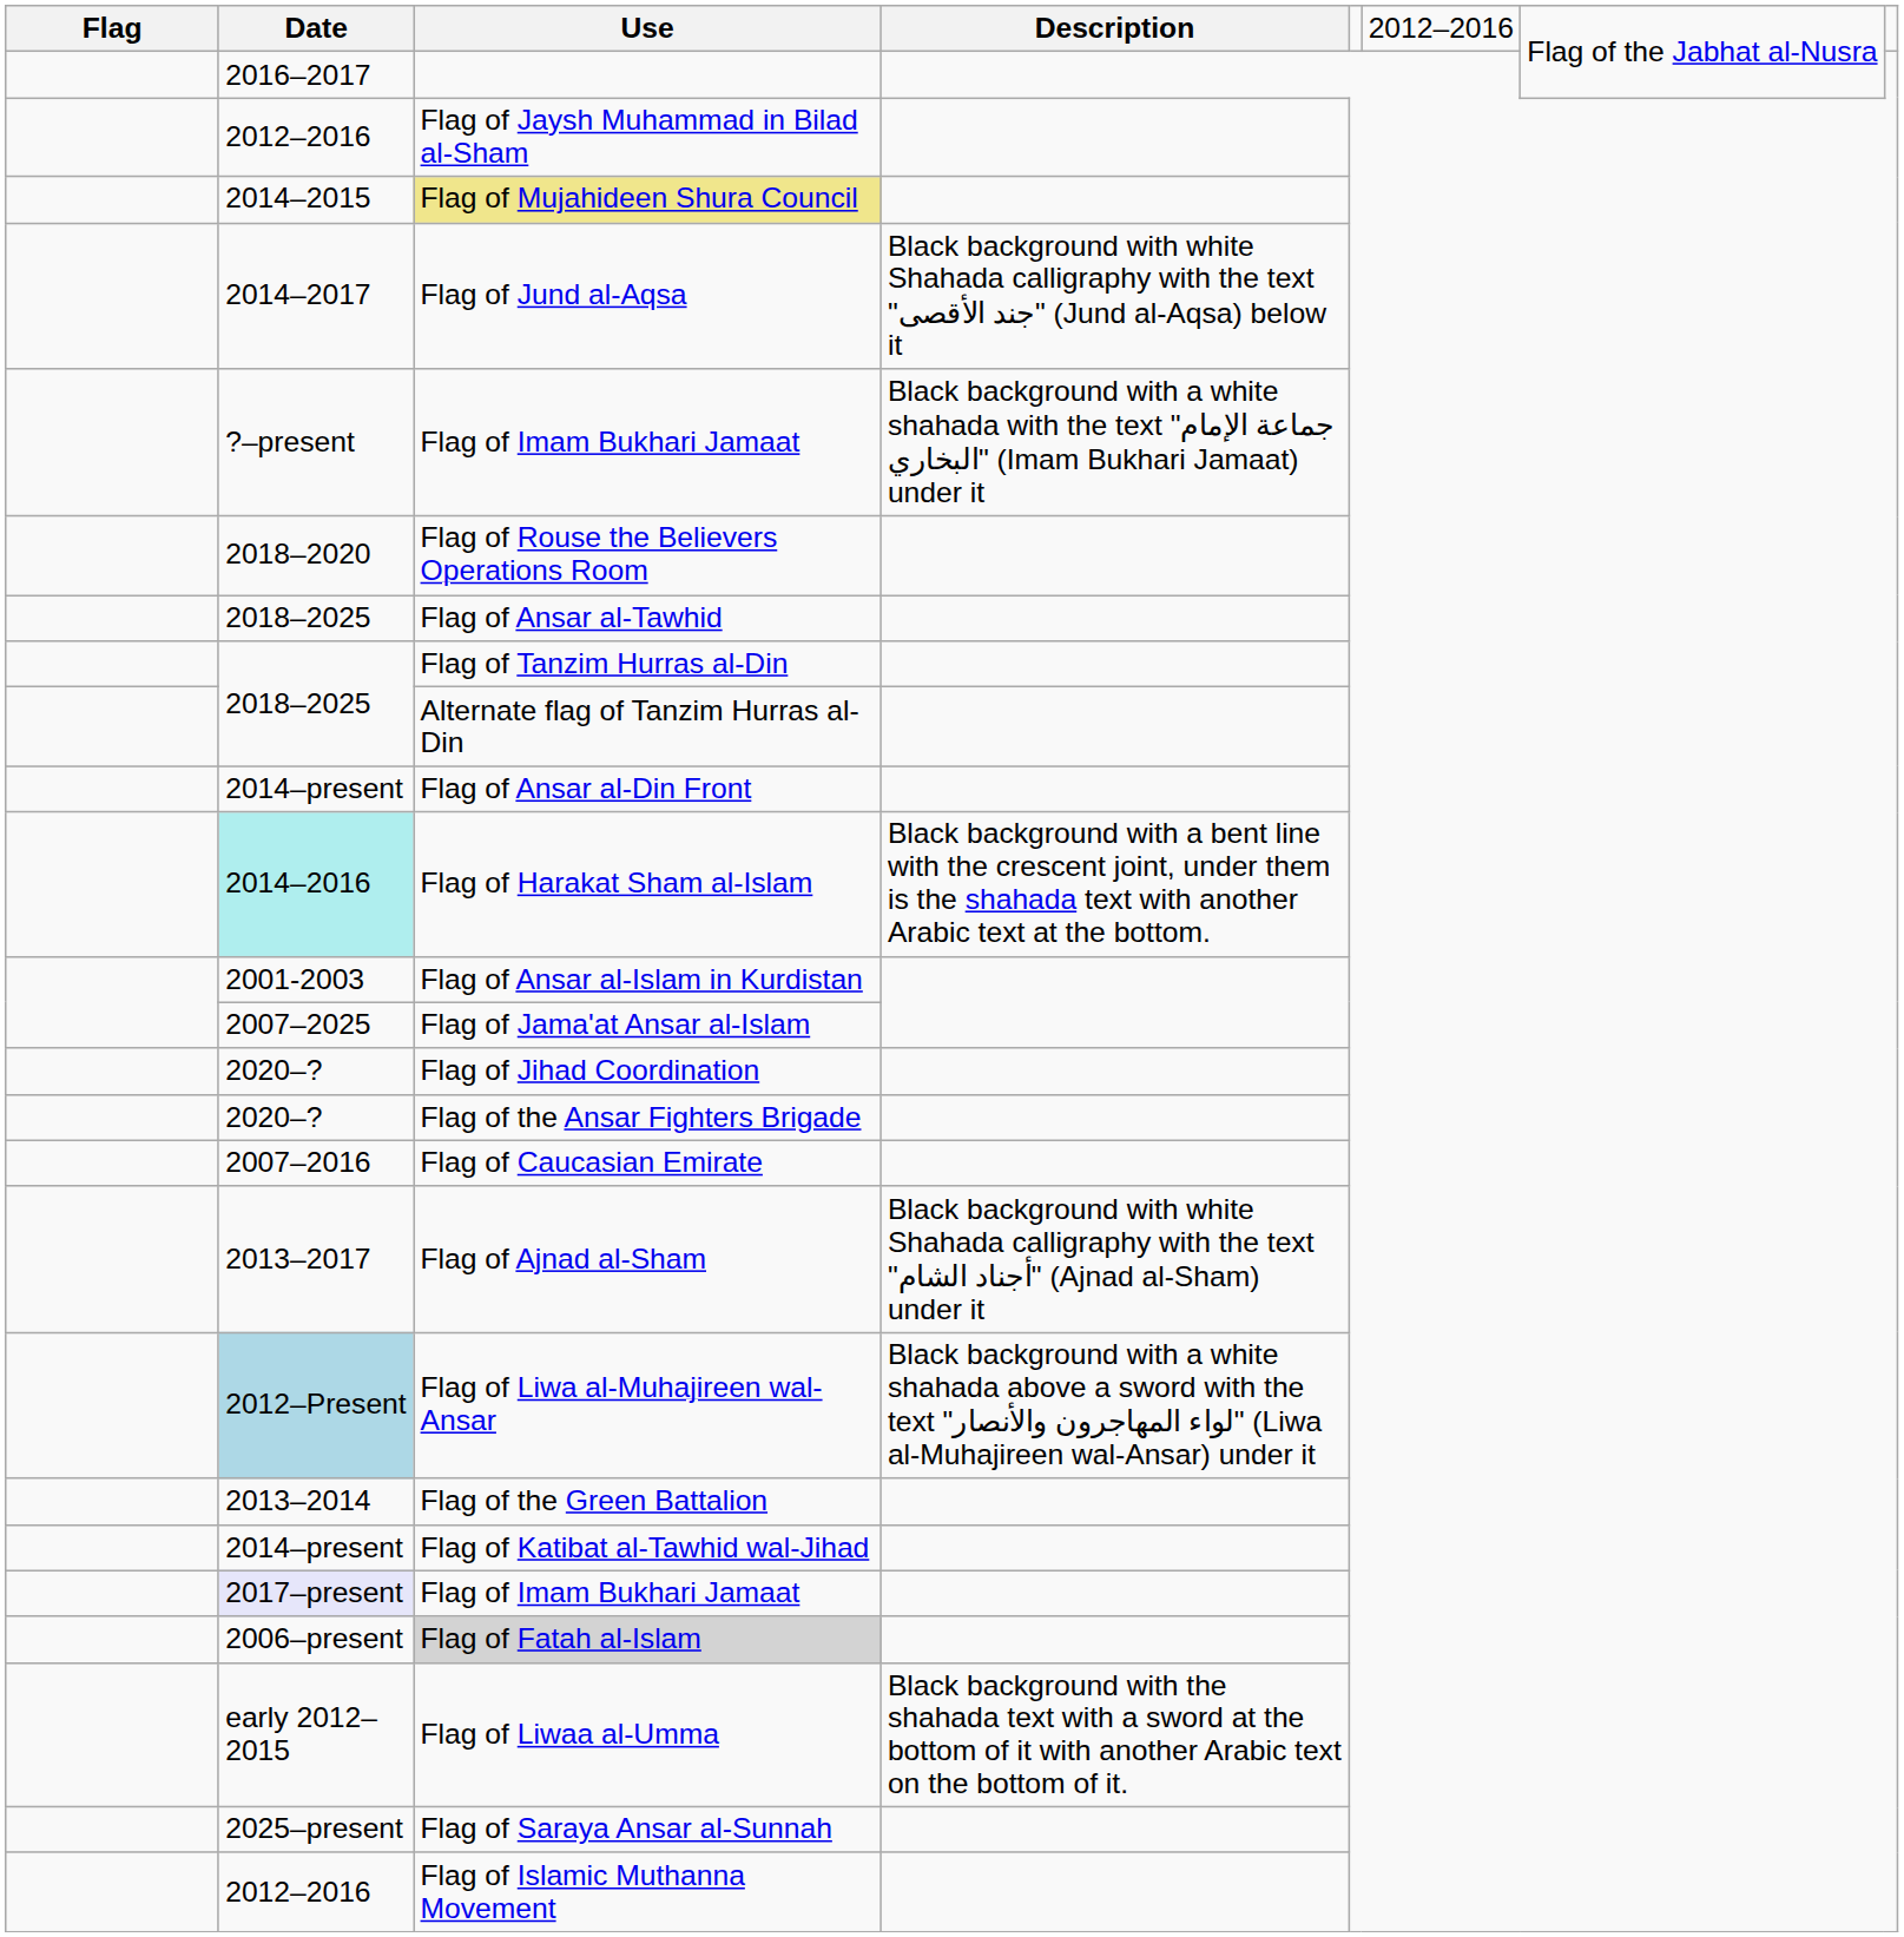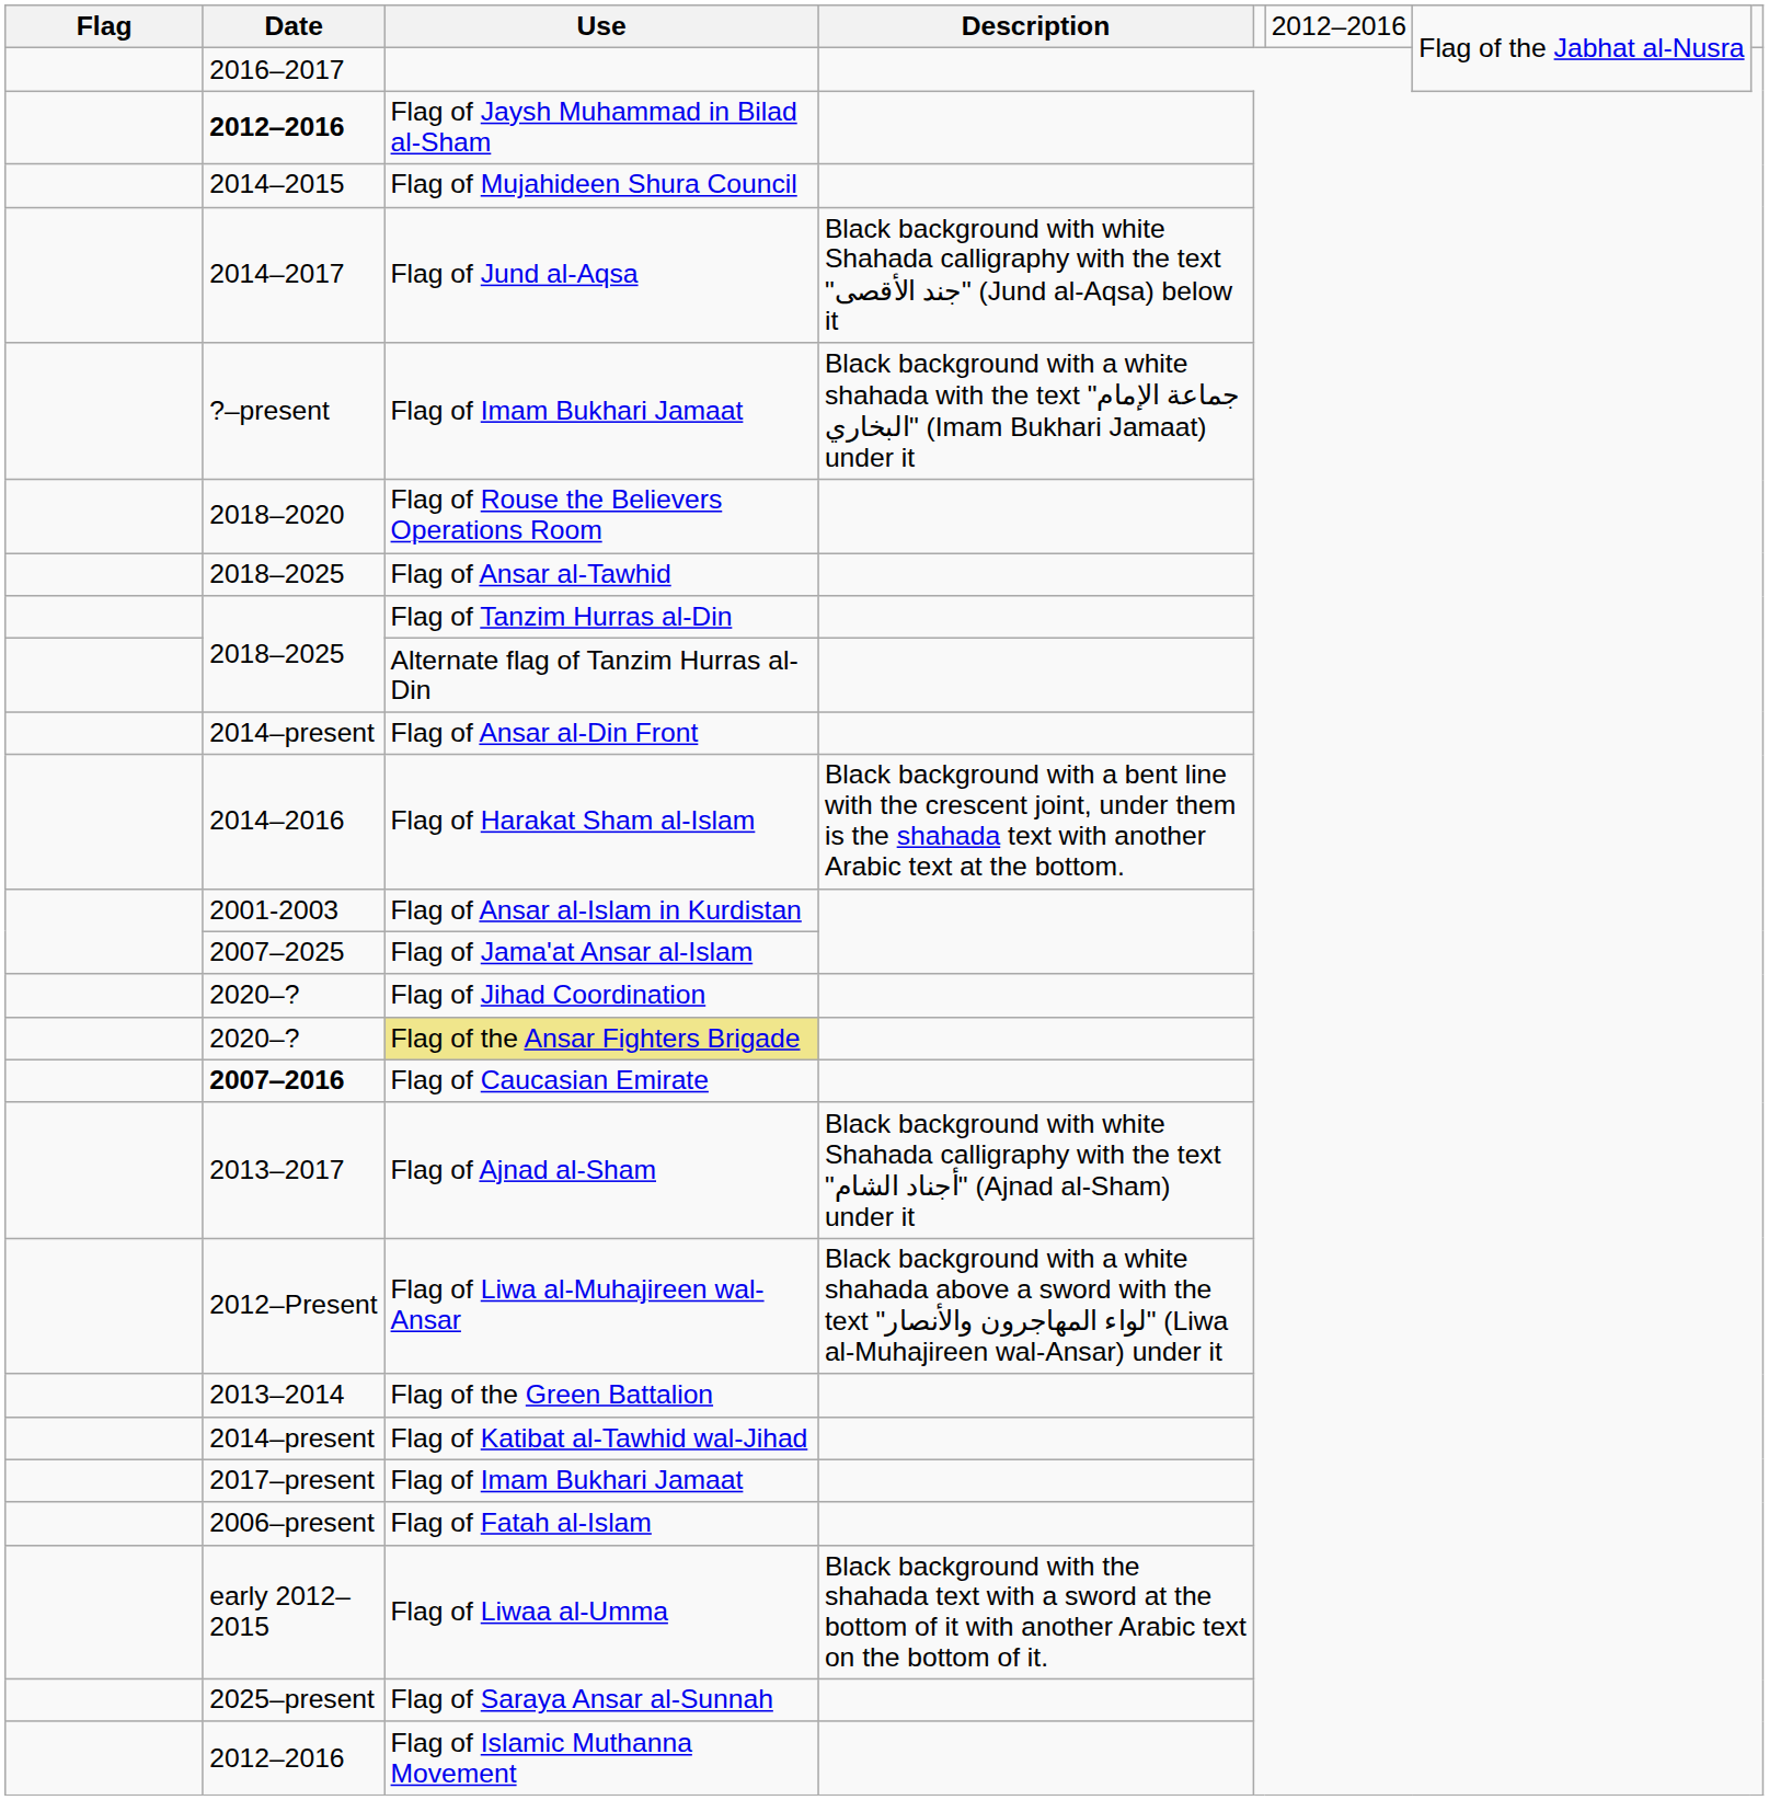 <table class="wikitable">
 <tr>
 <th style="width:110px;">Flag</th>
 <th style="width:100px;">Date</th>
 <th style="width:250px;">Use</th>
 <th style="width:250px;">Description</th>
 <td></td>
 <td>2012‒2016</td>
 <td rowspan="2">Flag of the <a href='#'>Jabhat al-Nusra</a></td>
 <td></td>
 </tr>
 <tr>
 <td></td>
 <td>2016‒2017</td>
 <td></td>
 </tr>
 <tr>
 <td></td>
-<td>2012‒2016</td>
+<td><strong>2012‒2016</strong></td>
 <td>Flag of <a href='#'>Jaysh Muhammad in Bilad al-Sham</a></td>
 <td></td>
 </tr>
 <tr>
 <td></td>
 <td>2014‒2015</td>
-<td style="background: khaki;">Flag of <a href='#'>Mujahideen Shura Council</a></td>
+<td>Flag of <a href='#'>Mujahideen Shura Council</a></td>
 <td></td>
 </tr>
 <tr>
 <td></td>
 <td>2014–2017</td>
 <td>Flag of <a href='#'>Jund al-Aqsa</a></td>
 <td>Black background with white Shahada calligraphy with the text "جند الأقصى" (Jund al-Aqsa) below it</td>
 </tr>
 <tr>
 <td></td>
 <td>?–present</td>
 <td>Flag of <a href='#'>Imam Bukhari Jamaat</a></td>
 <td>Black background with a white shahada with the text "جماعة الإمام البخاري" (Imam Bukhari Jamaat) under it</td>
 </tr>
 <tr>
 <td></td>
 <td>2018‒2020</td>
 <td>Flag of <a href='#'>Rouse the Believers Operations Room</a></td>
 <td></td>
 </tr>
 <tr>
 <td></td>
 <td>2018‒2025</td>
 <td>Flag of <a href='#'>Ansar al-Tawhid</a></td>
 <td></td>
 </tr>
 <tr>
 <td></td>
 <td rowspan="2">2018‒2025</td>
 <td>Flag of <a href='#'>Tanzim Hurras al-Din</a></td>
 <td></td>
 </tr>
 <tr>
 <td></td>
 <td>Alternate flag of Tanzim Hurras al-Din</td>
 <td></td>
 </tr>
 <tr>
 <td></td>
 <td>2014‒present</td>
 <td>Flag of <a href='#'>Ansar al-Din Front</a></td>
 <td></td>
 </tr>
 <tr>
 <td></td>
-<td style="background: paleturquoise;">2014‒2016</td>
+<td>2014‒2016</td>
 <td>Flag of <a href='#'>Harakat Sham al-Islam</a></td>
 <td>Black background with a bent line with the crescent joint, under them is the <a href='#'>shahada</a> text with another Arabic text at the bottom.</td>
 </tr>
 <tr>
 <td rowspan="2"></td>
 <td>2001-2003</td>
 <td>Flag of <a href='#'>Ansar al-Islam in Kurdistan</a></td>
 <td rowspan="2"></td>
 </tr>
 <tr>
 <td>2007‒2025</td>
 <td>Flag of <a href='#'>Jama'at Ansar al-Islam</a></td>
 </tr>
 <tr>
 <td></td>
 <td>2020‒?</td>
 <td>Flag of <a href='#'>Jihad Coordination</a></td>
 <td></td>
 </tr>
 <tr>
 <td></td>
 <td>2020‒?</td>
-<td>Flag of the <a href='#'>Ansar Fighters Brigade</a></td>
+<td style="background: khaki;">Flag of the <a href='#'>Ansar Fighters Brigade</a></td>
 <td></td>
 </tr>
 <tr>
 <td></td>
-<td>2007‒2016</td>
+<td><strong>2007‒2016</strong></td>
 <td>Flag of <a href='#'>Caucasian Emirate</a></td>
 <td></td>
 </tr>
 <tr>
 <td></td>
 <td>2013‒2017</td>
 <td>Flag of <a href='#'>Ajnad al-Sham</a></td>
 <td>Black background with white Shahada calligraphy with the text "أجناد الشام" (Ajnad al-Sham) under it</td>
 </tr>
 <tr>
 <td></td>
-<td style="background: lightblue;">2012–Present</td>
+<td>2012–Present</td>
 <td>Flag of <a href='#'>Liwa al-Muhajireen wal-Ansar</a></td>
 <td>Black background with a white shahada above a sword with the text "لواء المهاجرون والأنصار" (Liwa al-Muhajireen wal-Ansar) under it</td>
 </tr>
 <tr>
 <td></td>
 <td>2013‒2014</td>
 <td>Flag of the <a href='#'>Green Battalion</a></td>
 <td></td>
 </tr>
 <tr>
 <td></td>
 <td>2014‒present</td>
 <td>Flag of <a href='#'>Katibat al-Tawhid wal-Jihad</a></td>
 <td></td>
 </tr>
 <tr>
 <td></td>
-<td style="background: lavender;">2017‒present</td>
+<td>2017‒present</td>
 <td>Flag of <a href='#'>Imam Bukhari Jamaat</a></td>
 <td></td>
 </tr>
 <tr>
 <td></td>
 <td>2006–present</td>
-<td style="background: lightgrey;">Flag of <a href='#'>Fatah al-Islam</a></td>
+<td>Flag of <a href='#'>Fatah al-Islam</a></td>
 <td></td>
 </tr>
 <tr>
 <td></td>
 <td>early 2012–2015</td>
 <td>Flag of <a href='#'>Liwaa al-Umma</a></td>
 <td>Black background with the shahada text with a sword at the bottom of it with another Arabic text on the bottom of it.</td>
 </tr>
 <tr>
 <td></td>
 <td>2025–present</td>
 <td>Flag of <a href='#'>Saraya Ansar al-Sunnah</a></td>
 <td></td>
 </tr>
 <tr>
 <td></td>
 <td>2012–2016</td>
 <td>Flag of <a href='#'>Islamic Muthanna Movement</a></td>
 <td></td>
 </tr>
 </table>
